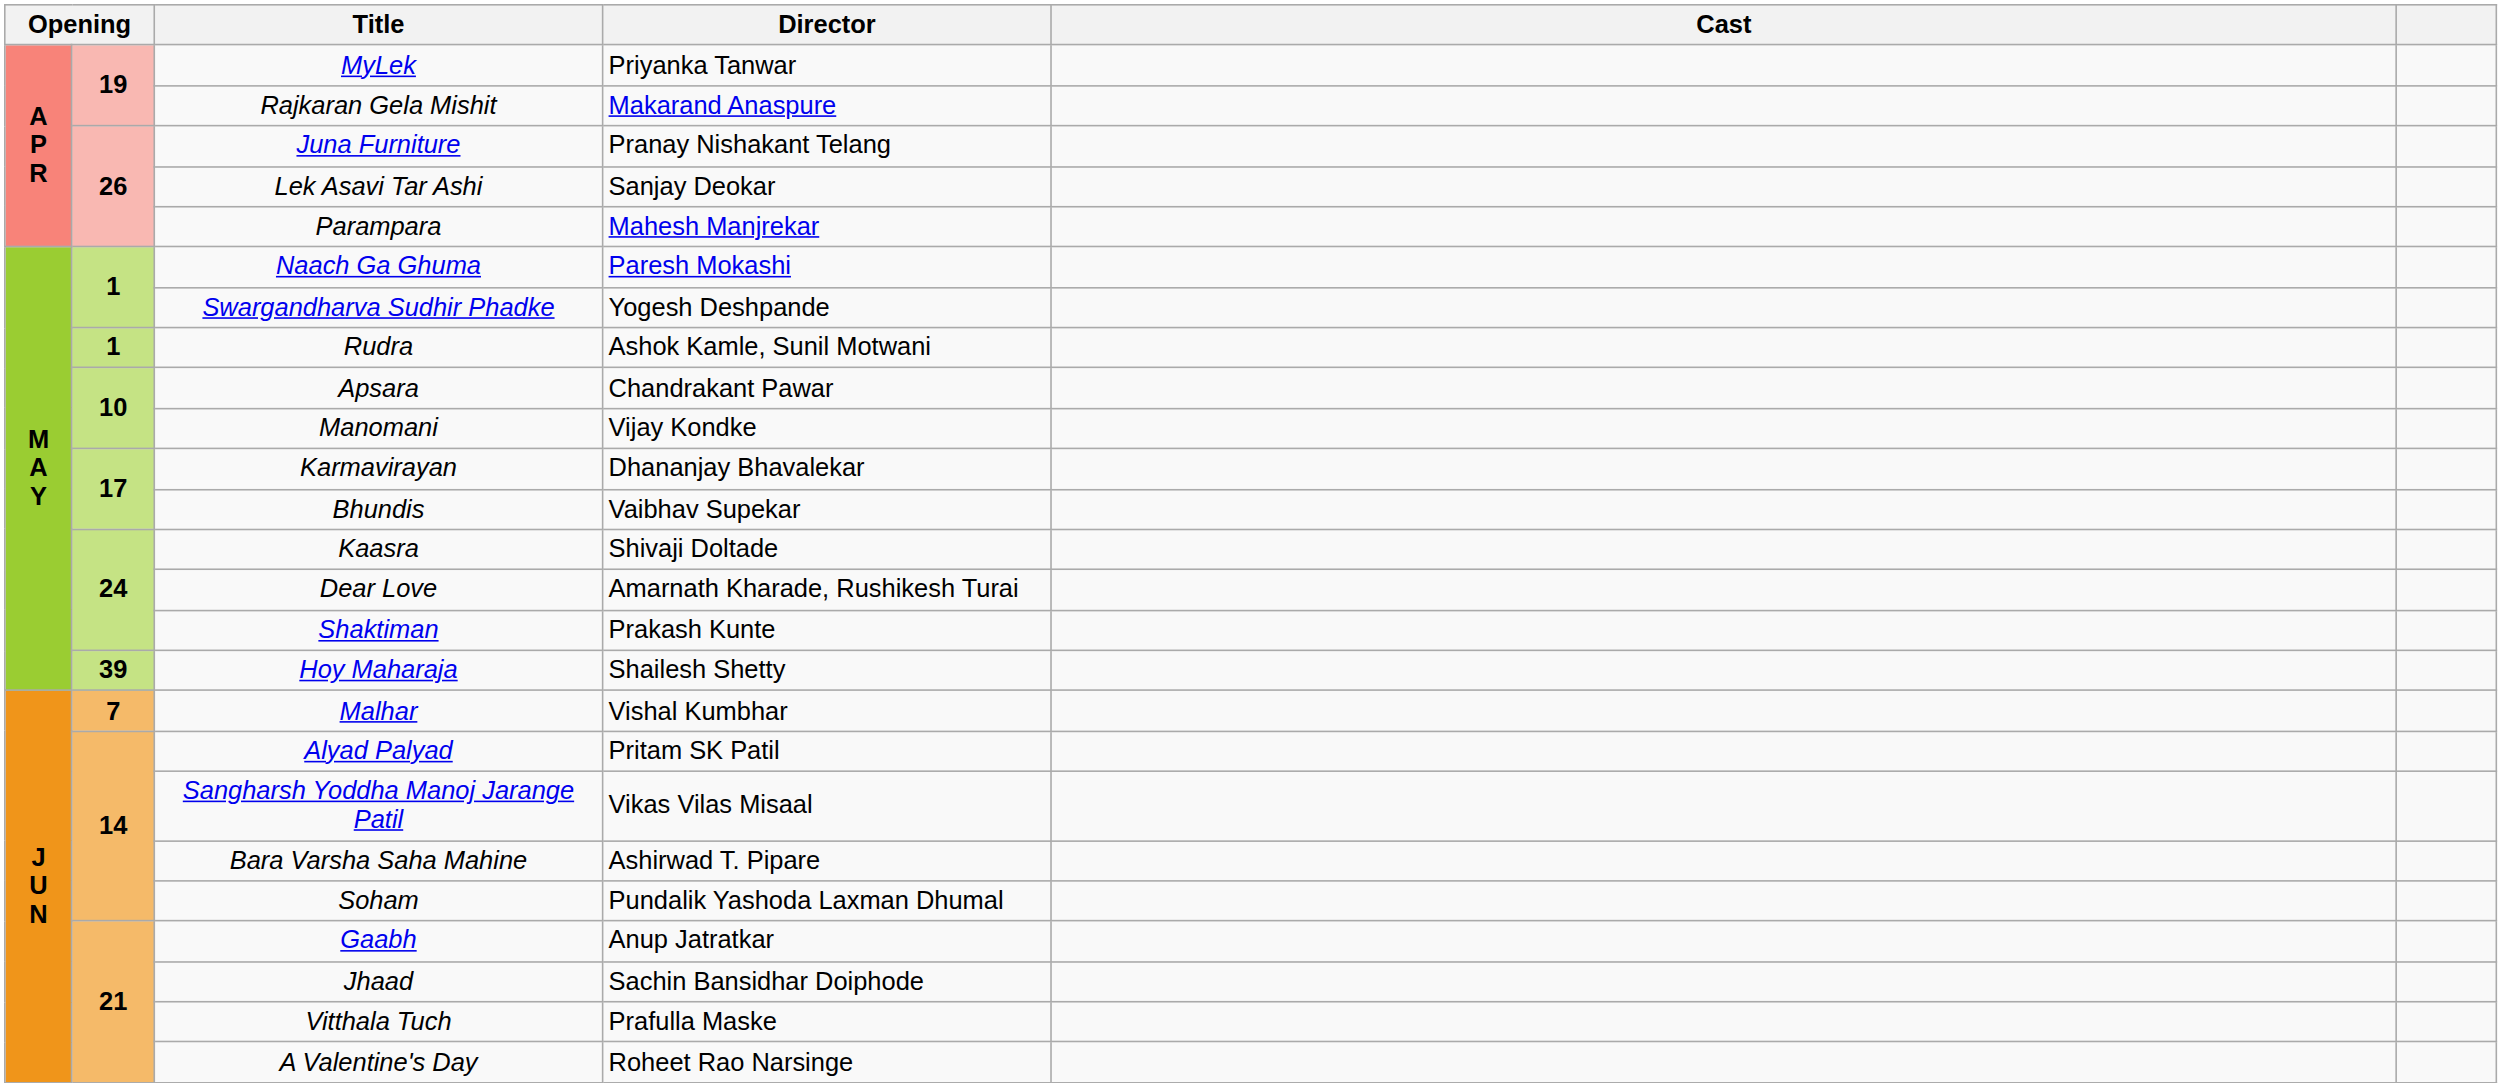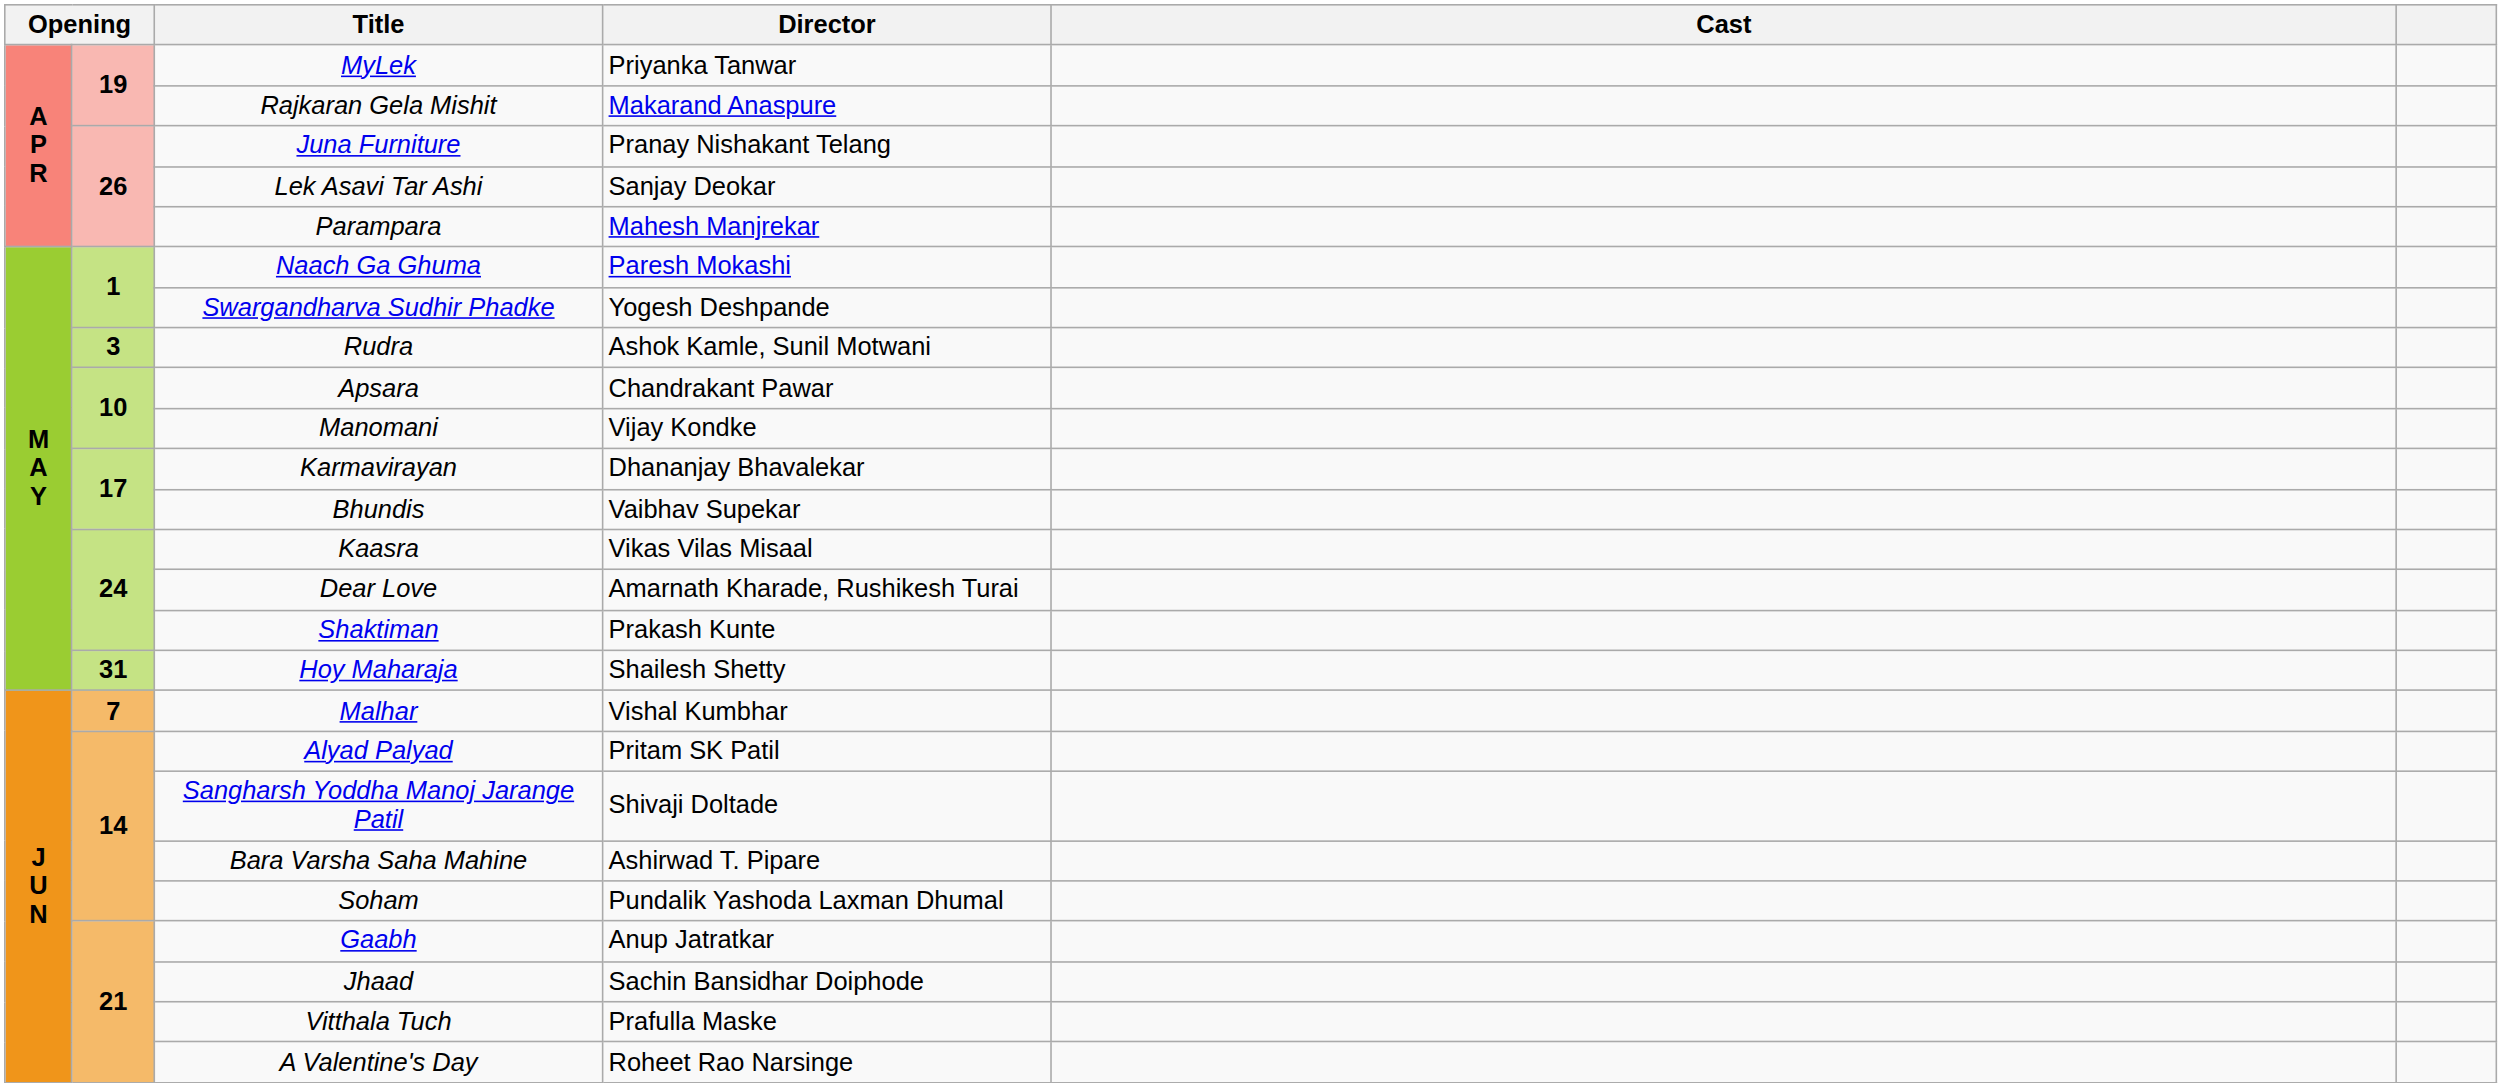 <table class="wikitable sortable">
 <tr>
 <th colspan="2" style="width:6%">Opening</th>
 <th style="width:18%">Title</th>
 <th style="width:18%">Director</th>
 <th>Cast</th>
 <th style="width:4%;"></th>
 </tr>
 <tr>
 <th rowspan="5" style="text-align:center; background:#F88379; textcolor:#000;"><strong>A<br>P<br>R</strong></th>
 <td rowspan="2" style="text-align:center; background:#F9B8B2"><strong>19</strong></td>
 <td style="text-align:center;"><em><a href='#'>MyLek</a></em></td>
 <td>Priyanka Tanwar</td>
 <td></td>
 <td style="text-align:center;"></td>
 </tr>
 <tr>
 <td style="text-align:center;"><em>Rajkaran Gela Mishit</em></td>
 <td><a href='#'>Makarand Anaspure</a></td>
 <td></td>
 <td style="text-align:center;"></td>
 </tr>
 <tr>
 <td rowspan="3" style="text-align:center; background:#F9B8B2"><strong>26</strong></td>
 <td style="text-align:center;"><em><a href='#'>Juna Furniture</a></em></td>
 <td>Pranay Nishakant Telang</td>
 <td></td>
 <td style="text-align:center;"></td>
 </tr>
 <tr>
 <td style="text-align:center;"><em>Lek Asavi Tar Ashi</em></td>
 <td>Sanjay Deokar</td>
 <td></td>
 <td style="text-align:center;"></td>
 </tr>
 <tr>
 <td style="text-align:center;"><em>Parampara</em></td>
 <td><a href='#'>Mahesh Manjrekar</a></td>
 <td></td>
 <td style="text-align:center;"></td>
 </tr>
 <tr>
 <td rowspan="11" style="text-align:center; background:	#9ACD32; textcolor:#000;"><strong>M<br>A<br>Y</strong></td>
 <td rowspan="2" style="text-align:center; background:#C5E384"><strong>1</strong></td>
 <td style="text-align:center;"><em><a href='#'>Naach Ga Ghuma</a></em></td>
 <td><a href='#'>Paresh Mokashi</a></td>
 <td></td>
 <td style="text-align:center;"></td>
 </tr>
 <tr>
 <td style="text-align:center;"><em><a href='#'>Swargandharva Sudhir Phadke</a></em></td>
 <td>Yogesh Deshpande</td>
 <td></td>
 <td style="text-align:center;"></td>
 </tr>
 <tr>
-<td style="text-align:center; background:#C5E384"><strong>1</strong></td>
+<td style="text-align:center; background:#C5E384"><strong>3</strong></td>
 <td style="text-align:center;"><em>Rudra</em></td>
 <td>Ashok Kamle, Sunil Motwani</td>
 <td></td>
 <td style="text-align:center;"></td>
 </tr>
 <tr>
 <td rowspan="2" style="text-align:center; background:#C5E384"><strong>10</strong></td>
 <td style="text-align:center;"><em>Apsara</em></td>
 <td>Chandrakant Pawar</td>
 <td></td>
 <td style="text-align:center;"></td>
 </tr>
 <tr>
 <td style="text-align:center;"><em>Manomani</em></td>
 <td>Vijay Kondke</td>
 <td></td>
 <td style="text-align:center;"></td>
 </tr>
 <tr>
 <td rowspan="2" style="text-align:center; background:#C5E384"><strong>17</strong></td>
 <td style="text-align:center;"><em>Karmavirayan</em></td>
 <td>Dhananjay Bhavalekar</td>
 <td></td>
 <td style="text-align:center;"></td>
 </tr>
 <tr>
 <td style="text-align:center;"><em>Bhundis</em></td>
 <td>Vaibhav Supekar</td>
 <td></td>
 <td style="text-align:center;"></td>
 </tr>
 <tr>
 <td rowspan="3" style="text-align:center; background:#C5E384"><strong>24</strong></td>
 <td style="text-align:center;"><em>Kaasra</em></td>
-<td>Shivaji Doltade</td>
+<td>Vikas Vilas Misaal</td>
 <td></td>
 <td style="text-align:center;"></td>
 </tr>
 <tr>
 <td style="text-align:center;"><em>Dear Love</em></td>
 <td>Amarnath Kharade, Rushikesh Turai</td>
 <td></td>
 <td style="text-align:center;"></td>
 </tr>
 <tr>
 <td style="text-align:center;"><em><a href='#'>Shaktiman</a></em></td>
 <td>Prakash Kunte</td>
 <td></td>
 <td style="text-align:center;"></td>
 </tr>
 <tr>
-<td style="text-align:center; background:#C5E384"><strong>39</strong></td>
+<td style="text-align:center; background:#C5E384"><strong>31</strong></td>
 <td style="text-align:center;"><em><a href='#'>Hoy Maharaja</a></em></td>
 <td>Shailesh Shetty</td>
 <td></td>
 <td style="text-align:center;"></td>
 </tr>
 <tr>
 <th rowspan="9" style="text-align:center; background:#F0951A; textcolor:#000;"><strong>J<br>U<br>N</strong></th>
 <td rowspan="1" style="text-align:center; background:#F5BA69"><strong> 7 </strong></td>
 <td style="text-align:center;"><em><a href='#'>Malhar</a></em></td>
 <td>Vishal Kumbhar</td>
 <td></td>
 <td style="text-align:center;"></td>
 </tr>
 <tr>
 <td rowspan="4" style="text-align:center; background:#F5BA69"><strong>14 </strong></td>
 <td style="text-align:center;"><em><a href='#'>Alyad Palyad</a></em></td>
 <td>Pritam SK Patil</td>
 <td></td>
 <td style="text-align:center;"></td>
 </tr>
 <tr>
 <td style="text-align:center;"><em><a href='#'>Sangharsh Yoddha Manoj Jarange Patil</a></em></td>
-<td>Vikas Vilas Misaal</td>
+<td>Shivaji Doltade</td>
 <td></td>
 <td style="text-align:center;"></td>
 </tr>
 <tr>
 <td style="text-align:center;"><em>Bara Varsha Saha Mahine</em></td>
 <td>Ashirwad T. Pipare</td>
 <td></td>
 <td style="text-align:center;"></td>
 </tr>
 <tr>
 <td style="text-align:center;"><em>Soham</em></td>
 <td>Pundalik Yashoda Laxman Dhumal</td>
 <td></td>
 <td style="text-align:center;"></td>
 </tr>
 <tr>
 <td rowspan="4" style="text-align:center; background:#F5BA69"><strong>21</strong></td>
 <td style="text-align:center;"><em><a href='#'>Gaabh</a></em></td>
 <td>Anup Jatratkar</td>
 <td></td>
 <td style="text-align:center;"></td>
 </tr>
 <tr>
 <td style="text-align:center;"><em>Jhaad</em></td>
 <td>Sachin Bansidhar Doiphode</td>
 <td></td>
 <td style="text-align:center;"></td>
 </tr>
 <tr>
 <td style="text-align:center;"><em>Vitthala Tuch</em></td>
 <td>Prafulla Maske</td>
 <td></td>
 <td style="text-align:center;"></td>
 </tr>
 <tr>
 <td style="text-align:center;"><em>A Valentine's Day</em></td>
 <td>Roheet Rao Narsinge</td>
 <td></td>
 <td style="text-align:center;"></td>
 </tr>
 </table>
